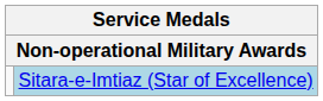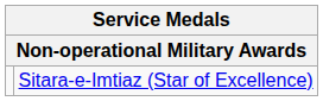 <table class="wikitable">
 <tr>
 <th colspan="3">Service Medals</th>
 </tr>
 <tr>
 <th colspan="2">Non-operational Military Awards</th>
 </tr>
 <tr>
 <td></td>
-<td style="background: lightblue;"><a href='#'>Sitara-e-Imtiaz (Star of Excellence)</a></td>
+<td><a href='#'>Sitara-e-Imtiaz (Star of Excellence)</a></td>
 </tr>
 </table>
